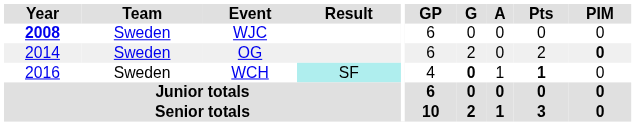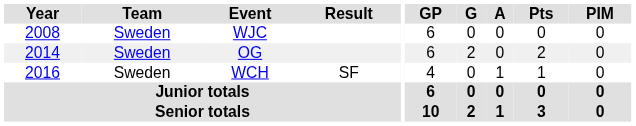 <table border="0" cellpadding="1" cellspacing="0" ID="Table3" style="text-align:center; width:40em;">
 <tr bgcolor="#e0e0e0">
 <th>Year</th>
 <th>Team</th>
 <th>Event</th>
 <th>Result</th>
 <th rowspan="99" bgcolor="#ffffff"></th>
 <th>GP</th>
 <th>G</th>
 <th>A</th>
 <th>Pts</th>
 <th>PIM</th>
 </tr>
 <tr>
-<td><strong><a href='#'>2008</a></strong></td>
+<td><a href='#'>2008</a></td>
 <td><a href='#'>Sweden</a></td>
 <td><a href='#'>WJC</a></td>
 <td></td>
 <td>6</td>
 <td>0</td>
 <td>0</td>
 <td>0</td>
 <td>0</td>
 </tr>
 <tr bgcolor="#f0f0f0">
 <td><a href='#'>2014</a></td>
 <td><a href='#'>Sweden</a></td>
 <td><a href='#'>OG</a></td>
 <td></td>
 <td>6</td>
 <td>2</td>
 <td>0</td>
 <td>2</td>
-<td><strong>0</strong></td>
+<td>0</td>
 </tr>
 <tr>
 <td><a href='#'>2016</a></td>
 <td>Sweden</td>
 <td><a href='#'>WCH</a></td>
-<td style="background: paleturquoise;">SF</td>
+<td>SF</td>
 <td>4</td>
-<td><strong>0</strong></td>
+<td>0</td>
 <td>1</td>
-<td><strong>1</strong></td>
+<td>1</td>
 <td>0</td>
 </tr>
 <tr bgcolor="#e0e0e0">
 <th colspan="4">Junior totals</th>
 <th>6</th>
 <th>0</th>
 <th>0</th>
 <th>0</th>
 <th>0</th>
 </tr>
 <tr bgcolor="#e0e0e0">
 <th colspan="4">Senior totals</th>
 <th>10</th>
 <th>2</th>
 <th>1</th>
 <th>3</th>
 <th>0</th>
 </tr>
 </table>
